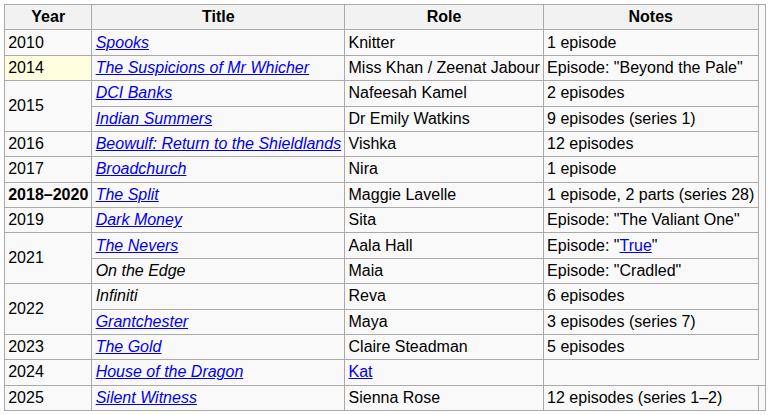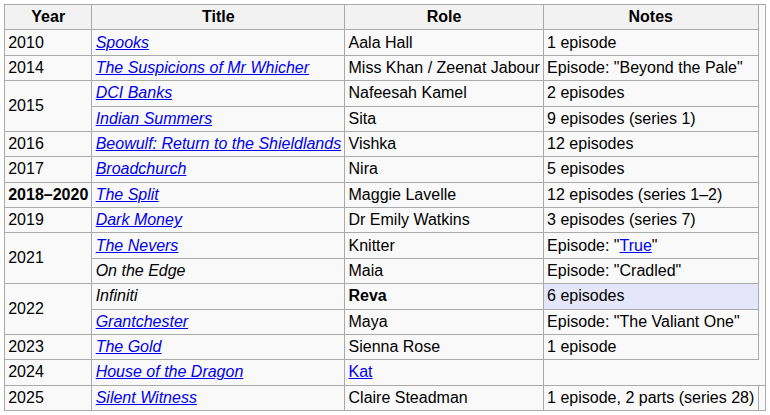 <table class="wikitable sortable">
 <tr>
 <th>Year</th>
 <th>Title</th>
 <th>Role</th>
 <th class="unsortable">Notes</th>
 </tr>
 <tr>
 <td>2010</td>
 <td><em><a href='#'>Spooks</a></em></td>
-<td>Knitter</td>
+<td>Aala Hall</td>
 <td>1 episode</td>
 </tr>
 <tr>
-<td style="background: lightyellow;">2014</td>
+<td>2014</td>
 <td><em><a href='#'>The Suspicions of Mr Whicher</a></em></td>
 <td>Miss Khan / Zeenat Jabour</td>
 <td>Episode: "Beyond the Pale"</td>
 </tr>
 <tr>
 <td rowspan="2">2015</td>
 <td><em><a href='#'>DCI Banks</a></em></td>
 <td>Nafeesah Kamel</td>
 <td>2 episodes</td>
 </tr>
 <tr>
 <td><em><a href='#'>Indian Summers</a></em></td>
-<td>Dr Emily Watkins</td>
+<td>Sita</td>
 <td>9 episodes (series 1)</td>
 </tr>
 <tr>
 <td>2016</td>
 <td><em><a href='#'>Beowulf: Return to the Shieldlands</a></em></td>
 <td>Vishka</td>
 <td>12 episodes</td>
 </tr>
 <tr>
 <td>2017</td>
 <td><em><a href='#'>Broadchurch</a></em></td>
 <td>Nira</td>
-<td>1 episode</td>
+<td>5 episodes</td>
 </tr>
 <tr>
 <td><strong>2018–2020</strong></td>
 <td><em><a href='#'>The Split</a></em></td>
 <td>Maggie Lavelle</td>
-<td>1 episode, 2 parts (series 28)</td>
+<td>12 episodes (series 1–2)</td>
 </tr>
 <tr>
 <td>2019</td>
 <td><em><a href='#'>Dark Money</a></em></td>
-<td>Sita</td>
-<td>Episode: "The Valiant One"</td>
+<td>Dr Emily Watkins</td>
+<td>3 episodes (series 7)</td>
 </tr>
 <tr>
 <td rowspan="2">2021</td>
 <td><em><a href='#'>The Nevers</a></em></td>
-<td>Aala Hall</td>
+<td>Knitter</td>
 <td>Episode: "<a href='#'>True</a>"</td>
 </tr>
 <tr>
 <td><em>On the Edge</em></td>
 <td>Maia</td>
 <td>Episode: "Cradled"</td>
 </tr>
 <tr>
 <td rowspan="2">2022</td>
 <td><em>Infiniti</em></td>
-<td>Reva</td>
-<td>6 episodes</td>
+<td><strong>Reva</strong></td>
+<td style="background: lavender;">6 episodes</td>
 </tr>
 <tr>
 <td><em><a href='#'>Grantchester</a></em></td>
 <td>Maya</td>
-<td>3 episodes (series 7)</td>
+<td>Episode: "The Valiant One"</td>
 </tr>
 <tr>
 <td>2023</td>
 <td><em><a href='#'>The Gold</a></em></td>
-<td>Claire Steadman</td>
-<td>5 episodes</td>
+<td>Sienna Rose</td>
+<td>1 episode</td>
 </tr>
 <tr>
 <td>2024</td>
 <td><em><a href='#'>House of the Dragon</a></em></td>
 <td><a href='#'>Kat</a></td>
 </tr>
 <tr>
 <td>2025</td>
 <td><em><a href='#'>Silent Witness</a></em></td>
-<td>Sienna Rose</td>
-<td>12 episodes (series 1–2)</td>
+<td>Claire Steadman</td>
+<td>1 episode, 2 parts (series 28)</td>
 <td></td>
 </tr>
 <tr>
 </tr>
 </table>
